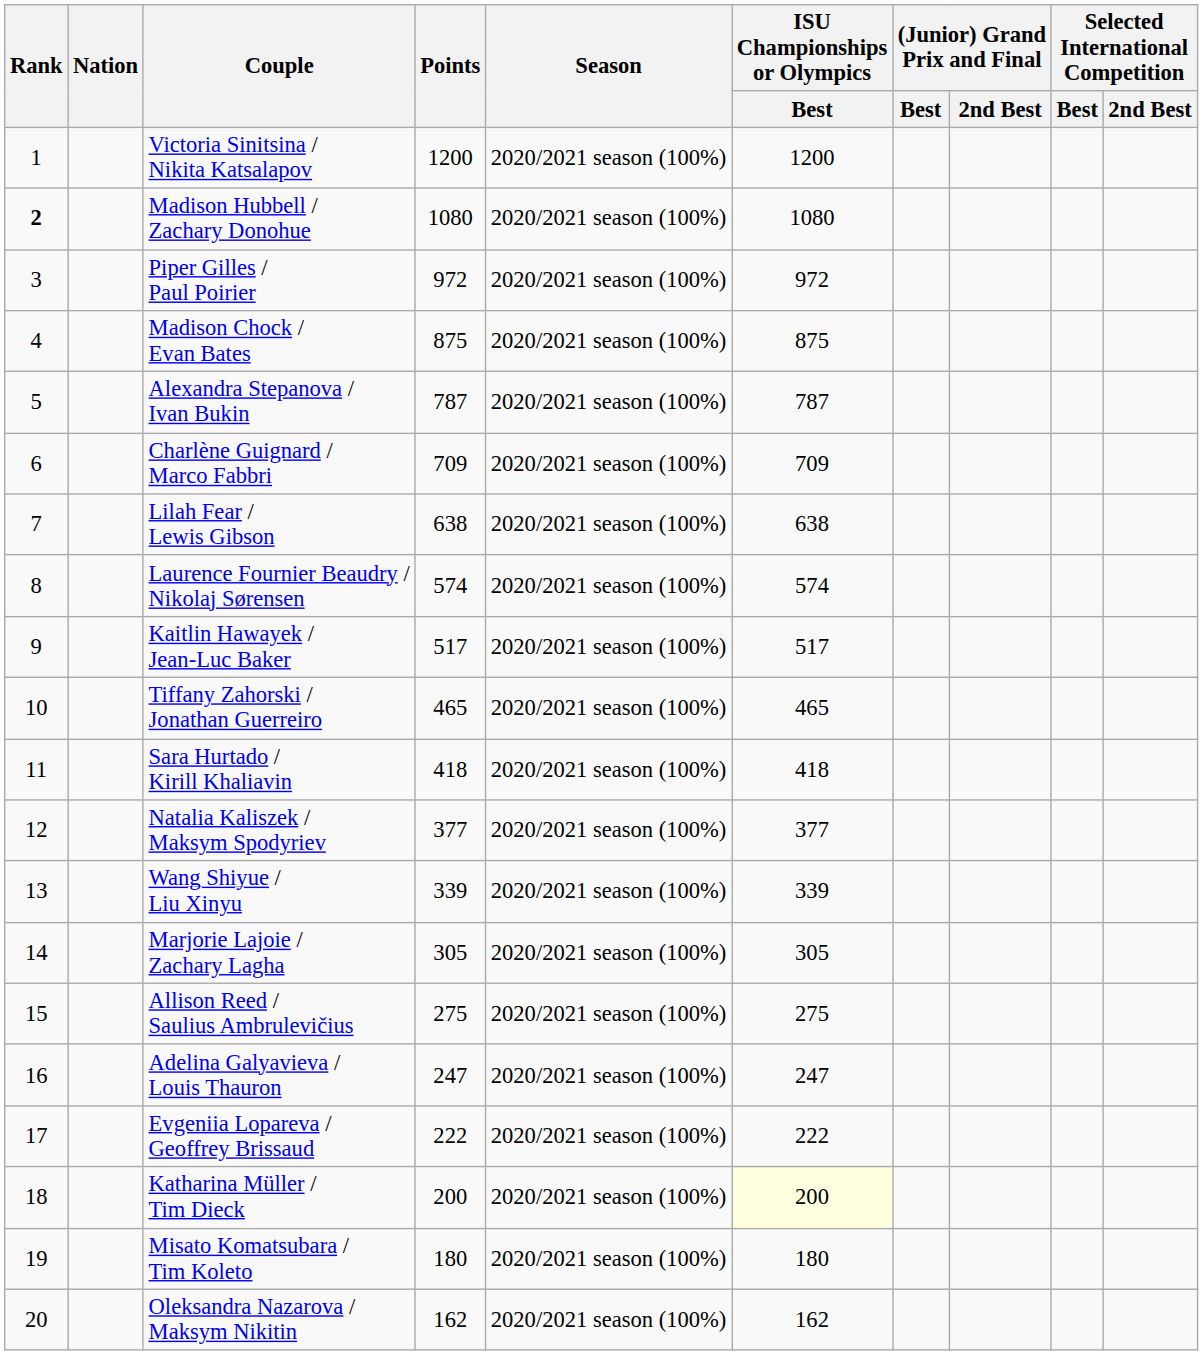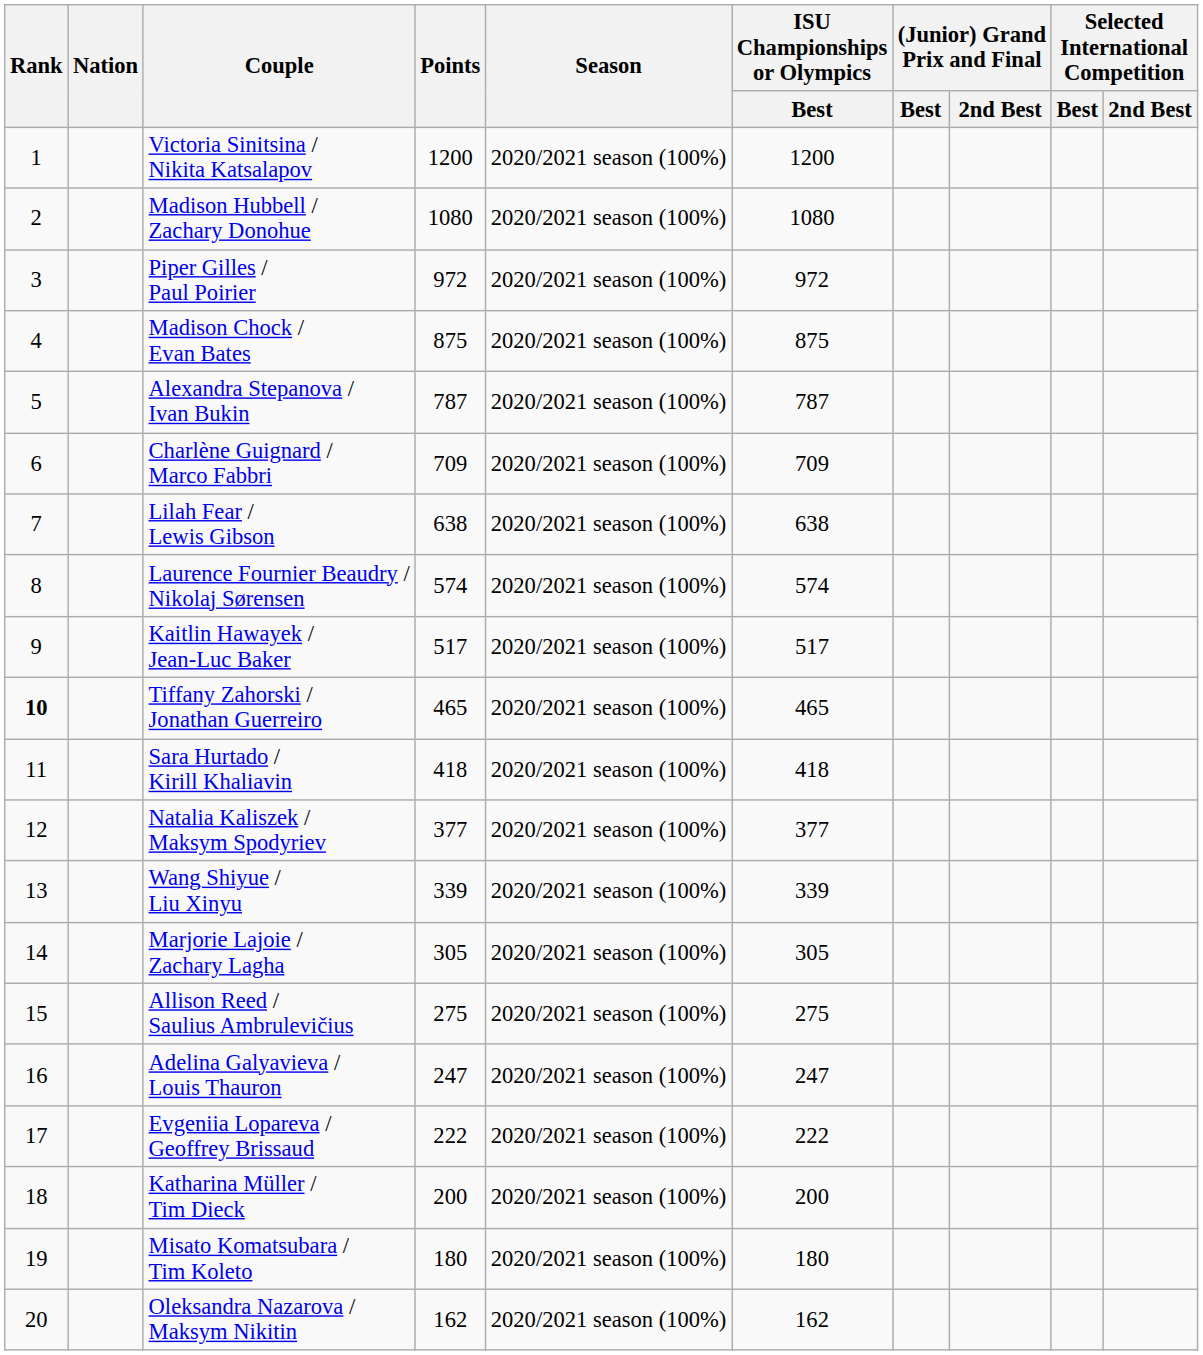 <table class="wikitable sortable" style="text-align: center;">
 <tr>
 <th rowspan="2">Rank</th>
 <th rowspan="2">Nation</th>
 <th rowspan="2">Couple</th>
 <th rowspan="2">Points</th>
 <th rowspan="2">Season</th>
 <th>ISU <br> Championships <br> or Olympics</th>
 <th colspan="2">(Junior) Grand <br> Prix and Final</th>
 <th colspan="2">Selected <br> International <br> Competition</th>
 </tr>
 <tr>
 <th>Best</th>
 <th>Best</th>
 <th>2nd Best</th>
 <th>Best</th>
 <th>2nd Best</th>
 </tr>
 <tr>
 <td>1</td>
 <td style="text-align: left;"></td>
 <td style="text-align: left;"><a href='#'>Victoria Sinitsina</a> /<br> <a href='#'>Nikita Katsalapov</a></td>
 <td>1200</td>
 <td style="text-align: left;">2020/2021 season (100%)</td>
 <td>1200</td>
 <td></td>
 <td></td>
 <td></td>
 <td></td>
 </tr>
 <tr>
-<td><strong>2</strong></td>
+<td>2</td>
 <td style="text-align: left;"></td>
 <td style="text-align: left;"><a href='#'>Madison Hubbell</a> /<br> <a href='#'>Zachary Donohue</a></td>
 <td>1080</td>
 <td style="text-align: left;">2020/2021 season (100%)</td>
 <td>1080</td>
 <td></td>
 <td></td>
 <td></td>
 <td></td>
 </tr>
 <tr>
 <td>3</td>
 <td style="text-align: left;"></td>
 <td style="text-align: left;"><a href='#'>Piper Gilles</a> /<br> <a href='#'>Paul Poirier</a></td>
 <td>972</td>
 <td style="text-align: left;">2020/2021 season (100%)</td>
 <td>972</td>
 <td></td>
 <td></td>
 <td></td>
 <td></td>
 </tr>
 <tr>
 <td>4</td>
 <td style="text-align: left;"></td>
 <td style="text-align: left;"><a href='#'>Madison Chock</a> /<br> <a href='#'>Evan Bates</a></td>
 <td>875</td>
 <td style="text-align: left;">2020/2021 season (100%)</td>
 <td>875</td>
 <td></td>
 <td></td>
 <td></td>
 <td></td>
 </tr>
 <tr>
 <td>5</td>
 <td style="text-align: left;"></td>
 <td style="text-align: left;"><a href='#'>Alexandra Stepanova</a> /<br> <a href='#'>Ivan Bukin</a></td>
 <td>787</td>
 <td style="text-align: left;">2020/2021 season (100%)</td>
 <td>787</td>
 <td></td>
 <td></td>
 <td></td>
 <td></td>
 </tr>
 <tr>
 <td>6</td>
 <td style="text-align: left;"></td>
 <td style="text-align: left;"><a href='#'>Charlène Guignard</a> /<br> <a href='#'>Marco Fabbri</a></td>
 <td>709</td>
 <td style="text-align: left;">2020/2021 season (100%)</td>
 <td>709</td>
 <td></td>
 <td></td>
 <td></td>
 <td></td>
 </tr>
 <tr>
 <td>7</td>
 <td style="text-align: left;"></td>
 <td style="text-align: left;"><a href='#'>Lilah Fear</a> /<br> <a href='#'>Lewis Gibson</a></td>
 <td>638</td>
 <td style="text-align: left;">2020/2021 season (100%)</td>
 <td>638</td>
 <td></td>
 <td></td>
 <td></td>
 <td></td>
 </tr>
 <tr>
 <td>8</td>
 <td style="text-align: left;"></td>
 <td style="text-align: left;"><a href='#'>Laurence Fournier Beaudry</a> /<br> <a href='#'>Nikolaj Sørensen</a></td>
 <td>574</td>
 <td style="text-align: left;">2020/2021 season (100%)</td>
 <td>574</td>
 <td></td>
 <td></td>
 <td></td>
 <td></td>
 </tr>
 <tr>
 <td>9</td>
 <td style="text-align: left;"></td>
 <td style="text-align: left;"><a href='#'>Kaitlin Hawayek</a> /<br> <a href='#'>Jean-Luc Baker</a></td>
 <td>517</td>
 <td style="text-align: left;">2020/2021 season (100%)</td>
 <td>517</td>
 <td></td>
 <td></td>
 <td></td>
 <td></td>
 </tr>
 <tr>
-<td>10</td>
+<td><strong>10</strong></td>
 <td style="text-align: left;"></td>
 <td style="text-align: left;"><a href='#'>Tiffany Zahorski</a> /<br> <a href='#'>Jonathan Guerreiro</a></td>
 <td>465</td>
 <td style="text-align: left;">2020/2021 season (100%)</td>
 <td>465</td>
 <td></td>
 <td></td>
 <td></td>
 <td></td>
 </tr>
 <tr>
 <td>11</td>
 <td style="text-align: left;"></td>
 <td style="text-align: left;"><a href='#'>Sara Hurtado</a> /<br> <a href='#'>Kirill Khaliavin</a></td>
 <td>418</td>
 <td style="text-align: left;">2020/2021 season (100%)</td>
 <td>418</td>
 <td></td>
 <td></td>
 <td></td>
 <td></td>
 </tr>
 <tr>
 <td>12</td>
 <td style="text-align: left;"></td>
 <td style="text-align: left;"><a href='#'>Natalia Kaliszek</a> /<br> <a href='#'>Maksym Spodyriev</a></td>
 <td>377</td>
 <td style="text-align: left;">2020/2021 season (100%)</td>
 <td>377</td>
 <td></td>
 <td></td>
 <td></td>
 <td></td>
 </tr>
 <tr>
 <td>13</td>
 <td style="text-align: left;"></td>
 <td style="text-align: left;"><a href='#'>Wang Shiyue</a> /<br> <a href='#'>Liu Xinyu</a></td>
 <td>339</td>
 <td style="text-align: left;">2020/2021 season (100%)</td>
 <td>339</td>
 <td></td>
 <td></td>
 <td></td>
 <td></td>
 </tr>
 <tr>
 <td>14</td>
 <td style="text-align: left;"></td>
 <td style="text-align: left;"><a href='#'>Marjorie Lajoie</a> /<br> <a href='#'>Zachary Lagha</a></td>
 <td>305</td>
 <td style="text-align: left;">2020/2021 season (100%)</td>
 <td>305</td>
 <td></td>
 <td></td>
 <td></td>
 <td></td>
 </tr>
 <tr>
 <td>15</td>
 <td style="text-align: left;"></td>
 <td style="text-align: left;"><a href='#'>Allison Reed</a> /<br> <a href='#'>Saulius Ambrulevičius</a></td>
 <td>275</td>
 <td style="text-align: left;">2020/2021 season (100%)</td>
 <td>275</td>
 <td></td>
 <td></td>
 <td></td>
 <td></td>
 </tr>
 <tr>
 <td>16</td>
 <td style="text-align: left;"></td>
 <td style="text-align: left;"><a href='#'>Adelina Galyavieva</a> /<br> <a href='#'>Louis Thauron</a></td>
 <td>247</td>
 <td style="text-align: left;">2020/2021 season (100%)</td>
 <td>247</td>
 <td></td>
 <td></td>
 <td></td>
 <td></td>
 </tr>
 <tr>
 <td>17</td>
 <td style="text-align: left;"></td>
 <td style="text-align: left;"><a href='#'>Evgeniia Lopareva</a> /<br> <a href='#'>Geoffrey Brissaud</a></td>
 <td>222</td>
 <td style="text-align: left;">2020/2021 season (100%)</td>
 <td>222</td>
 <td></td>
 <td></td>
 <td></td>
 <td></td>
 </tr>
 <tr>
 <td>18</td>
 <td style="text-align: left;"></td>
 <td style="text-align: left;"><a href='#'>Katharina Müller</a> /<br> <a href='#'>Tim Dieck</a></td>
 <td>200</td>
 <td style="text-align: left;">2020/2021 season (100%)</td>
-<td style="background: lightyellow;">200</td>
+<td>200</td>
 <td></td>
 <td></td>
 <td></td>
 <td></td>
 </tr>
 <tr>
 <td>19</td>
 <td style="text-align: left;"></td>
 <td style="text-align: left;"><a href='#'>Misato Komatsubara</a> /<br> <a href='#'>Tim Koleto</a></td>
 <td>180</td>
 <td style="text-align: left;">2020/2021 season (100%)</td>
 <td>180</td>
 <td></td>
 <td></td>
 <td></td>
 <td></td>
 </tr>
 <tr>
 <td>20</td>
 <td style="text-align: left;"></td>
 <td style="text-align: left;"><a href='#'>Oleksandra Nazarova</a> /<br> <a href='#'>Maksym Nikitin</a></td>
 <td>162</td>
 <td style="text-align: left;">2020/2021 season (100%)</td>
 <td>162</td>
 <td></td>
 <td></td>
 <td></td>
 <td></td>
 </tr>
 </table>
